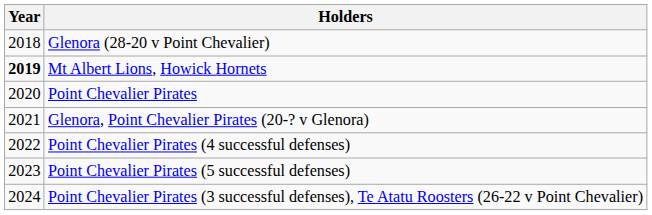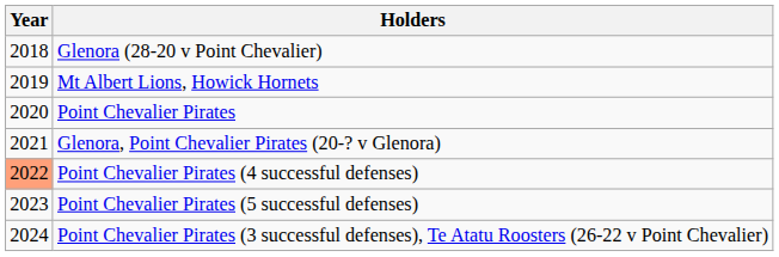 <table class="wikitable">
 <tr>
 <th>Year</th>
 <th>Holders</th>
 </tr>
 <tr>
 <td>2018</td>
 <td><a href='#'>Glenora</a> (28-20 v Point Chevalier)</td>
 </tr>
 <tr>
-<td><strong>2019</strong></td>
+<td>2019</td>
 <td><a href='#'>Mt Albert Lions</a>, <a href='#'>Howick Hornets</a></td>
 </tr>
 <tr>
 <td>2020</td>
 <td><a href='#'>Point Chevalier Pirates</a></td>
 </tr>
 <tr>
 <td>2021</td>
 <td><a href='#'>Glenora</a>, <a href='#'>Point Chevalier Pirates</a> (20-? v Glenora)</td>
 </tr>
 <tr>
-<td>2022</td>
+<td style="background: lightsalmon;">2022</td>
 <td><a href='#'>Point Chevalier Pirates</a> (4 successful defenses)</td>
 </tr>
 <tr>
 <td>2023</td>
 <td><a href='#'>Point Chevalier Pirates</a> (5 successful defenses)</td>
 </tr>
 <tr>
 <td>2024</td>
 <td><a href='#'>Point Chevalier Pirates</a> (3 successful defenses), <a href='#'>Te Atatu Roosters</a> (26-22 v Point Chevalier)</td>
 </tr>
 </table>
